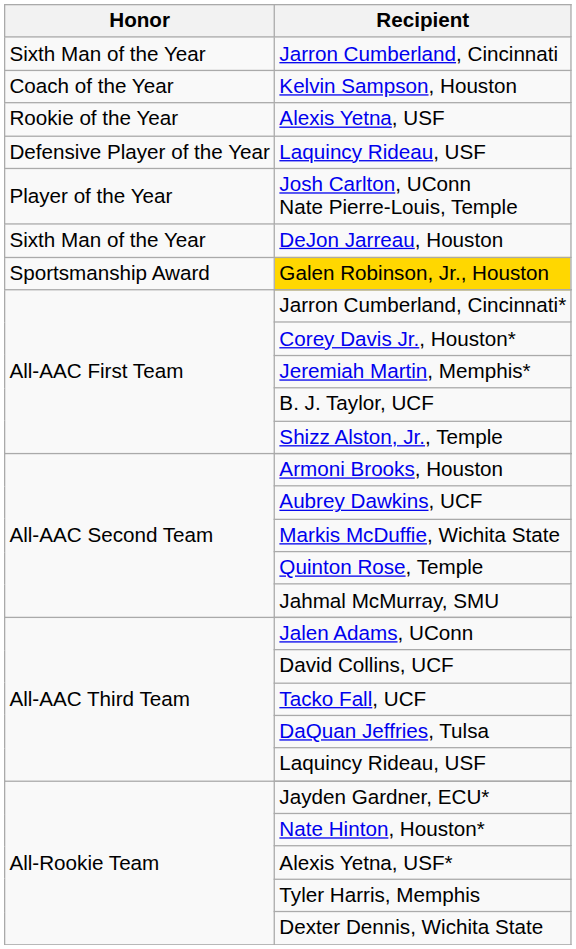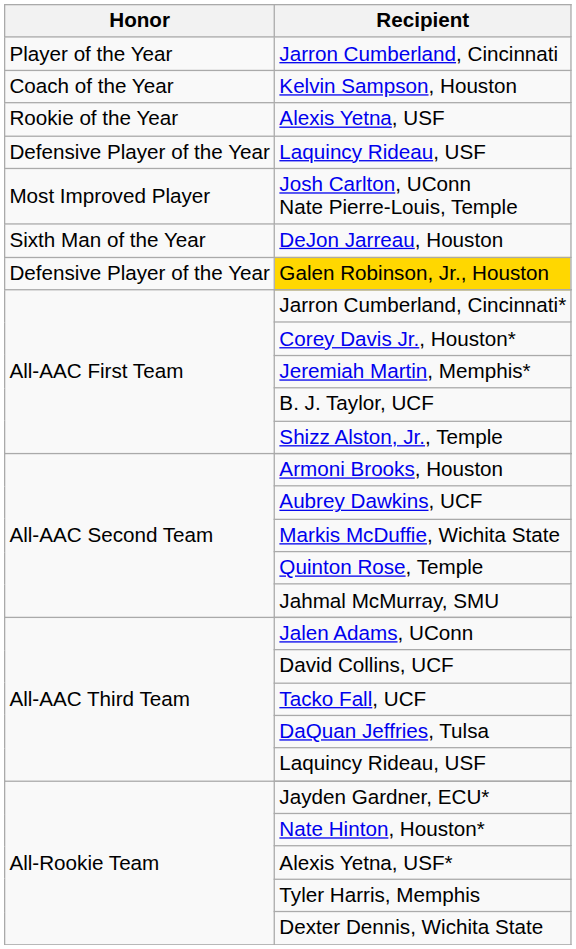 <table class="wikitable" border="1">
 <tr>
 <th>Honor</th>
 <th>Recipient</th>
 </tr>
 <tr>
-<td>Sixth Man of the Year</td>
+<td>Player of the Year</td>
 <td><a href='#'>Jarron Cumberland</a>, Cincinnati</td>
 </tr>
 <tr>
 <td>Coach of the Year</td>
 <td><a href='#'>Kelvin Sampson</a>, Houston</td>
 </tr>
 <tr>
 <td>Rookie of the Year</td>
 <td><a href='#'>Alexis Yetna</a>, USF</td>
 </tr>
 <tr>
 <td>Defensive Player of the Year</td>
 <td><a href='#'>Laquincy Rideau</a>, USF</td>
 </tr>
 <tr>
-<td>Player of the Year</td>
+<td>Most Improved Player</td>
 <td><a href='#'>Josh Carlton</a>, UConn<br>Nate Pierre-Louis, Temple</td>
 </tr>
 <tr>
 <td>Sixth Man of the Year</td>
 <td><a href='#'>DeJon Jarreau</a>, Houston</td>
 </tr>
 <tr>
-<td>Sportsmanship Award</td>
+<td>Defensive Player of the Year</td>
 <td style="background: gold;">Galen Robinson, Jr., Houston</td>
 </tr>
 <tr>
 <td rowspan="6" valign="middle">All-AAC First Team</td>
 </tr>
 <tr>
 <td>Jarron Cumberland, Cincinnati*</td>
 </tr>
 <tr>
 <td><a href='#'>Corey Davis Jr.</a>, Houston*</td>
 </tr>
 <tr>
 <td><a href='#'>Jeremiah Martin</a>, Memphis*</td>
 </tr>
 <tr>
 <td>B. J. Taylor, UCF</td>
 </tr>
 <tr>
 <td><a href='#'>Shizz Alston, Jr.</a>, Temple</td>
 </tr>
 <tr>
 <td rowspan="6" valign="middle">All-AAC Second Team</td>
 </tr>
 <tr>
 <td><a href='#'>Armoni Brooks</a>, Houston</td>
 </tr>
 <tr>
 <td><a href='#'>Aubrey Dawkins</a>, UCF</td>
 </tr>
 <tr>
 <td><a href='#'>Markis McDuffie</a>, Wichita State</td>
 </tr>
 <tr>
 <td><a href='#'>Quinton Rose</a>, Temple</td>
 </tr>
 <tr>
 <td>Jahmal McMurray, SMU</td>
 </tr>
 <tr>
 <td rowspan="6" valign="middle">All-AAC Third Team</td>
 </tr>
 <tr>
 <td><a href='#'>Jalen Adams</a>, UConn</td>
 </tr>
 <tr>
 <td>David Collins, UCF</td>
 </tr>
 <tr>
 <td><a href='#'>Tacko Fall</a>, UCF</td>
 </tr>
 <tr>
 <td><a href='#'>DaQuan Jeffries</a>, Tulsa</td>
 </tr>
 <tr>
 <td>Laquincy Rideau, USF</td>
 </tr>
 <tr>
 <td rowspan="6" valign="middle">All-Rookie Team</td>
 </tr>
 <tr>
 <td>Jayden Gardner, ECU*</td>
 </tr>
 <tr>
 <td><a href='#'>Nate Hinton</a>, Houston*</td>
 </tr>
 <tr>
 <td>Alexis Yetna, USF*</td>
 </tr>
 <tr>
 <td>Tyler Harris, Memphis</td>
 </tr>
 <tr>
 <td>Dexter Dennis, Wichita State</td>
 </tr>
 <tr>
 </tr>
 </table>
